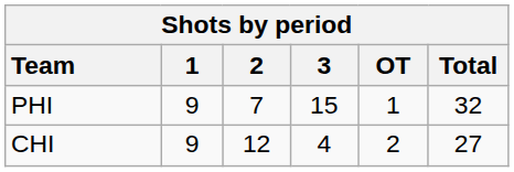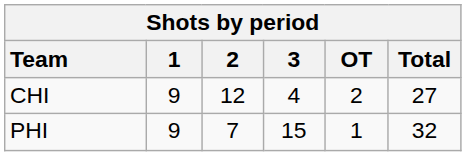 <table class="wikitable" style="width:20em; text-align:right;">
 <tr>
 <th colspan=6>Shots by period</th>
 </tr>
 <tr>
 <th style="width:8em; text-align:left;">Team</th>
 <th style="width:3em;">1</th>
 <th style="width:3em;">2</th>
 <th style="width:3em;">3</th>
 <th style="width:3em;">OT</th>
 <th style="width:3em;">Total</th>
 </tr>
 <tr style="text-align:center;">
+<td style="text-align:left;">CHI</td>
+<td>9</td>
+<td>12</td>
+<td>4</td>
+<td>2</td>
+<td>27</td>
+</tr>
+<tr style="text-align:center;">
 <td style="text-align:left;">PHI</td>
 <td>9</td>
 <td>7</td>
 <td>15</td>
 <td>1</td>
 <td>32</td>
 </tr>
-<tr style="text-align:center;">
-<td style="text-align:left;">CHI</td>
-<td>9</td>
-<td>12</td>
-<td>4</td>
-<td>2</td>
-<td>27</td>
-</tr>
 </table>
